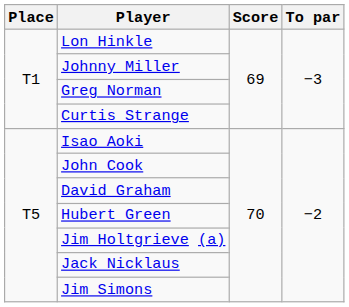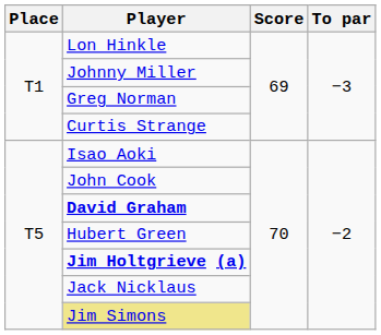 <table class="wikitable">
 <tr>
 <th>Place</th>
 <th>Player</th>
 <th>Score</th>
 <th>To par</th>
 </tr>
 <tr>
 <td rowspan=4 align="center">T1</td>
 <td> <a href='#'>Lon Hinkle</a></td>
 <td rowspan=4 align="center">69</td>
 <td rowspan=4 align="center">−3</td>
 </tr>
 <tr>
 <td> <a href='#'>Johnny Miller</a></td>
 </tr>
 <tr>
 <td> <a href='#'>Greg Norman</a></td>
 </tr>
 <tr>
 <td> <a href='#'>Curtis Strange</a></td>
 </tr>
 <tr>
 <td rowspan=7 align="center">T5</td>
 <td> <a href='#'>Isao Aoki</a></td>
 <td rowspan=7 align="center">70</td>
 <td rowspan=7 align="center">−2</td>
 </tr>
 <tr>
 <td> <a href='#'>John Cook</a></td>
 </tr>
 <tr>
-<td> <a href='#'>David Graham</a></td>
+<td><strong> <a href='#'>David Graham</a></strong></td>
 </tr>
 <tr>
 <td> <a href='#'>Hubert Green</a></td>
 </tr>
 <tr>
-<td> <a href='#'>Jim Holtgrieve</a> <a href='#'>(a)</a></td>
+<td><strong> <a href='#'>Jim Holtgrieve</a> <a href='#'>(a)</a></strong></td>
 </tr>
 <tr>
 <td> <a href='#'>Jack Nicklaus</a></td>
 </tr>
 <tr>
-<td> <a href='#'>Jim Simons</a></td>
+<td style="background: khaki;"> <a href='#'>Jim Simons</a></td>
 </tr>
 </table>
